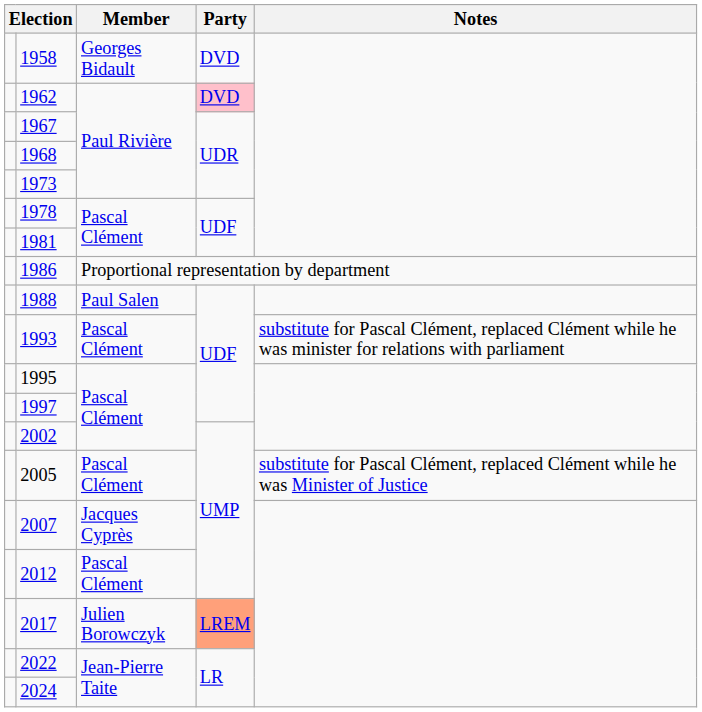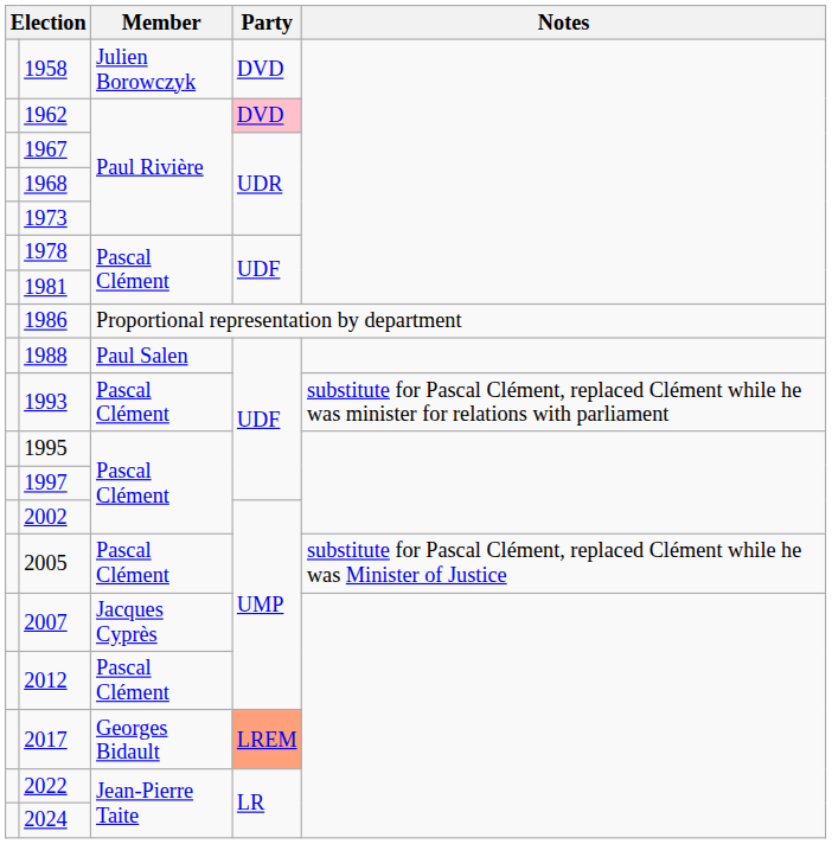 <table class="wikitable">
 <tr>
 <th colspan=2>Election</th>
 <th>Member</th>
 <th>Party</th>
 <th>Notes</th>
 </tr>
 <tr>
 <td style="color:inherit;background-color: "></td>
 <td><a href='#'>1958</a></td>
-<td><a href='#'>Georges Bidault</a></td>
+<td><a href='#'>Julien Borowczyk</a></td>
 <td><a href='#'>DVD</a></td>
 </tr>
 <tr>
 <td style="color:inherit;background-color: "></td>
 <td><a href='#'>1962</a></td>
 <td rowspan=4><a href='#'>Paul Rivière</a></td>
 <td style="background: pink;"><a href='#'>DVD</a></td>
 </tr>
 <tr>
 <td style="color:inherit;background-color: "></td>
 <td><a href='#'>1967</a></td>
 <td rowspan=3><a href='#'>UDR</a></td>
 </tr>
 <tr>
 <td style="color:inherit;background-color: "></td>
 <td><a href='#'>1968</a></td>
 </tr>
 <tr>
 <td style="color:inherit;background-color: "></td>
 <td><a href='#'>1973</a></td>
 </tr>
 <tr>
 <td style="background-color: "></td>
 <td><a href='#'>1978</a></td>
 <td rowspan="2"><a href='#'>Pascal Clément</a></td>
 <td rowspan="2"><a href='#'>UDF</a></td>
 </tr>
 <tr>
 <td style="background-color: "></td>
 <td><a href='#'>1981</a></td>
 </tr>
 <tr>
 <td></td>
 <td><a href='#'>1986</a></td>
 <td colspan=3>Proportional representation by department</td>
 </tr>
 <tr>
 <td style="background-color: "></td>
 <td><a href='#'>1988</a></td>
 <td><a href='#'>Paul Salen</a></td>
 <td rowspan="4"><a href='#'>UDF</a></td>
 </tr>
 <tr>
 <td style="background-color: "></td>
 <td><a href='#'>1993</a></td>
 <td><a href='#'>Pascal Clément</a></td>
 <td><a href='#'>substitute</a> for Pascal Clément, replaced Clément while he was minister for relations with parliament</td>
 </tr>
 <tr>
 <td style="color:inherit;background-color: "></td>
 <td>1995</td>
 <td rowspan=3><a href='#'>Pascal Clément</a></td>
 </tr>
 <tr>
 <td style="background-color: "></td>
 <td><a href='#'>1997</a></td>
 </tr>
 <tr>
 <td style="background-color: "></td>
 <td><a href='#'>2002</a></td>
 <td rowspan=4><a href='#'>UMP</a></td>
 </tr>
 <tr>
 <td style="color:inherit;background-color: "></td>
 <td>2005</td>
 <td><a href='#'>Pascal Clément</a></td>
 <td><a href='#'>substitute</a> for Pascal Clément, replaced Clément while he was <a href='#'>Minister of Justice</a></td>
 </tr>
 <tr>
 <td style="background-color: "></td>
 <td><a href='#'>2007</a></td>
 <td><a href='#'>Jacques Cyprès</a></td>
 </tr>
 <tr>
 <td style="background-color: "></td>
 <td><a href='#'>2012</a></td>
 <td><a href='#'>Pascal Clément</a></td>
 </tr>
 <tr>
 <td style="background-color: "></td>
 <td><a href='#'>2017</a></td>
-<td><a href='#'>Julien Borowczyk</a></td>
+<td><a href='#'>Georges Bidault</a></td>
 <td style="background: lightsalmon;"><a href='#'>LREM</a></td>
 </tr>
 <tr>
 <td style="color:inherit;background-color: "></td>
 <td><a href='#'>2022</a></td>
 <td rowspan="2"><a href='#'>Jean-Pierre Taite</a></td>
 <td rowspan="2"><a href='#'>LR</a></td>
 </tr>
 <tr>
 <td style="color:inherit;background-color: "></td>
 <td><a href='#'>2024</a></td>
 </tr>
 </table>
